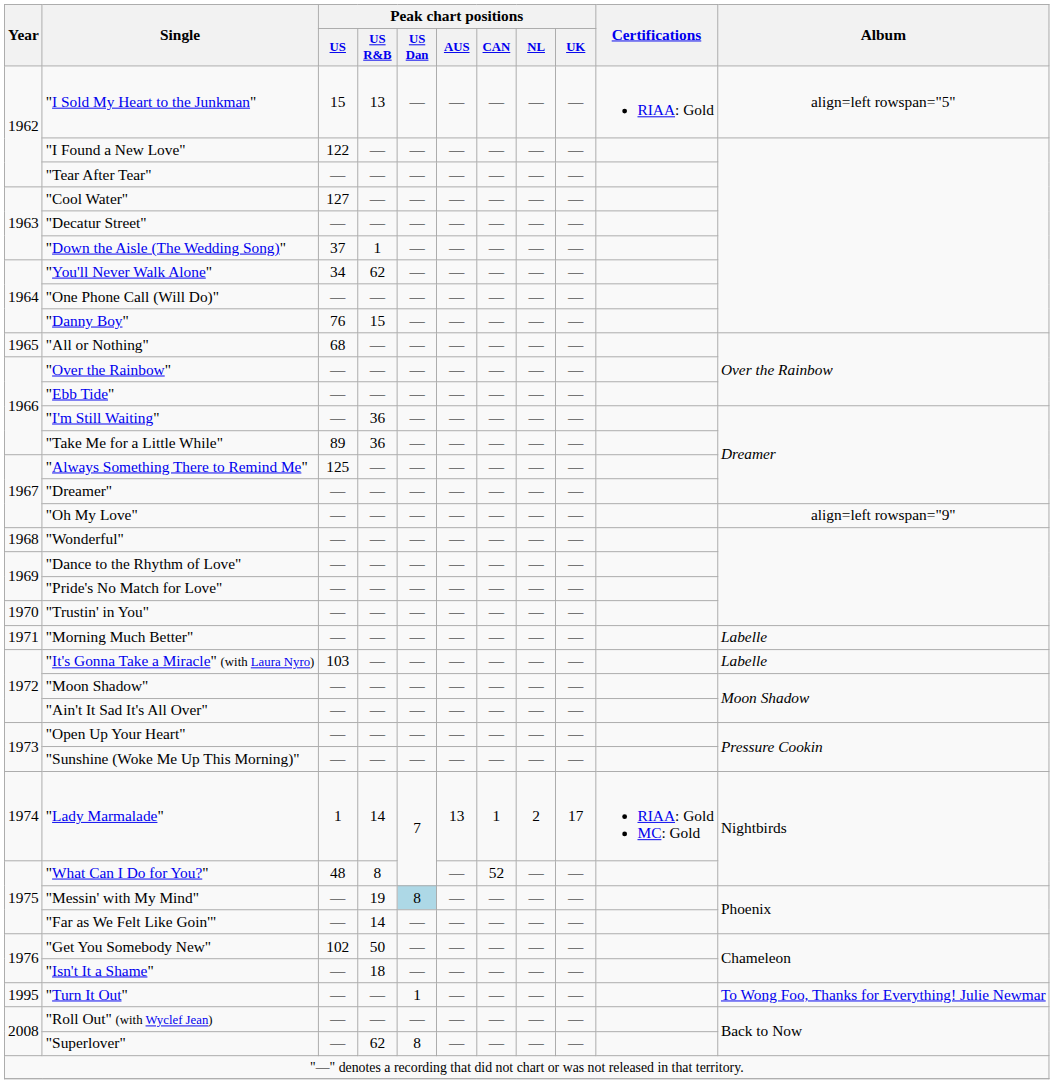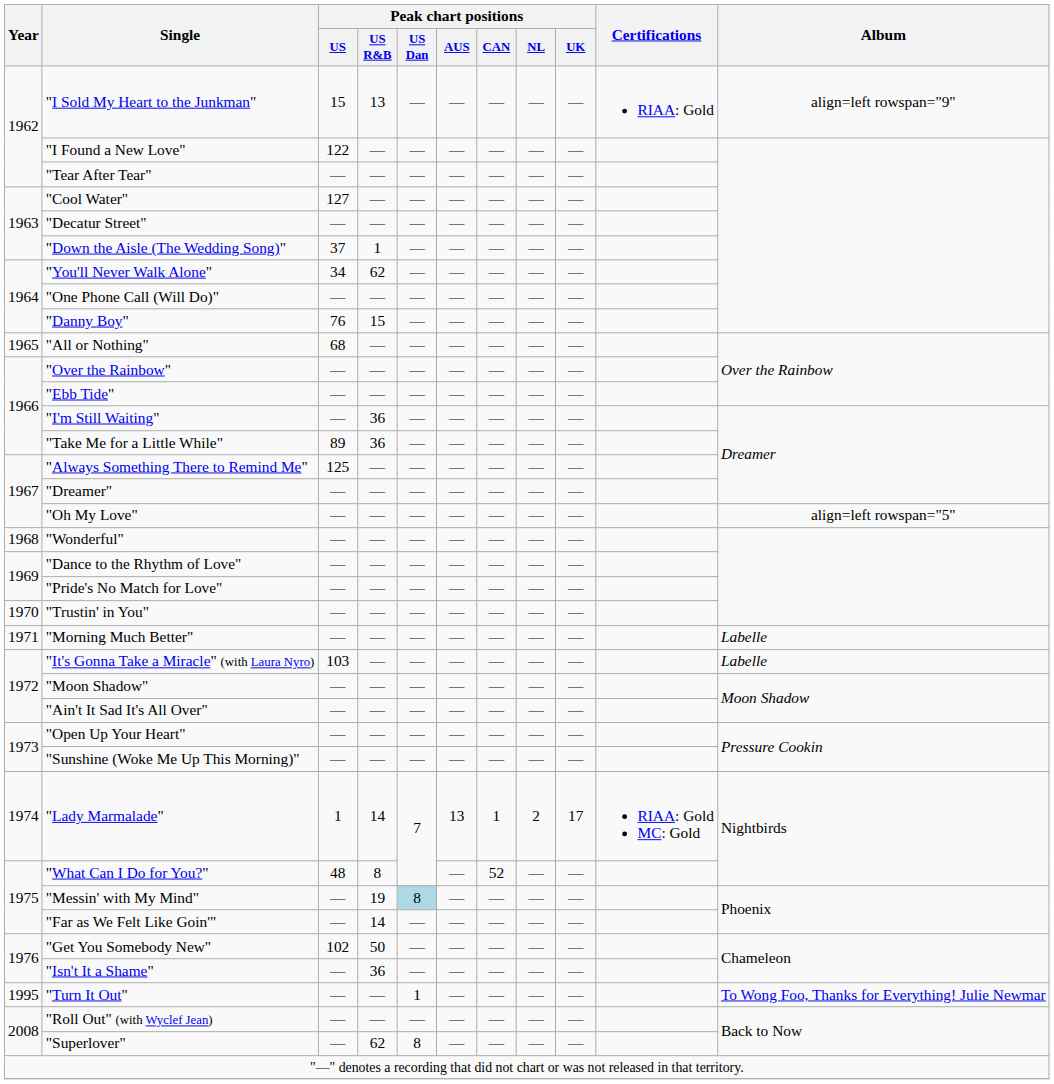 <table class="wikitable" style="text-align:center;">
 <tr>
 <th rowspan="2">Year</th>
 <th rowspan="2">Single</th>
 <th colspan="7">Peak chart positions</th>
 <th rowspan="2"><a href='#'>Certifications</a></th>
 <th rowspan="2">Album</th>
 </tr>
 <tr style="font-size:smaller;">
 <th width="35"><a href='#'>US</a><br></th>
 <th width="35"><a href='#'>US<br>R&B</a><br></th>
 <th width="35"><a href='#'>US<br>Dan</a><br></th>
 <th width="35"><a href='#'>AUS</a><br></th>
 <th width="35"><a href='#'>CAN</a><br></th>
 <th width="35"><a href='#'>NL</a><br></th>
 <th width="35"><a href='#'>UK</a><br></th>
 </tr>
 <tr>
 <td rowspan="3">1962</td>
 <td align="left">"<a href='#'>I Sold My Heart to the Junkman</a>"</td>
 <td>15</td>
 <td>13</td>
 <td>—</td>
 <td>—</td>
 <td>—</td>
 <td>—</td>
 <td>—</td>
 <td align=left><br><ul><li><a href='#'>RIAA</a>: Gold</li></ul></td>
-<td>align=left rowspan="5" </td>
+<td>align=left rowspan="9" </td>
 </tr>
 <tr>
 <td align="left">"I Found a New Love"</td>
 <td>122</td>
 <td>—</td>
 <td>—</td>
 <td>—</td>
 <td>—</td>
 <td>—</td>
 <td>—</td>
 <td align=left></td>
 </tr>
 <tr>
 <td align="left">"Tear After Tear"</td>
 <td>—</td>
 <td>—</td>
 <td>—</td>
 <td>—</td>
 <td>—</td>
 <td>—</td>
 <td>—</td>
 <td align=left></td>
 </tr>
 <tr>
 <td rowspan="3">1963</td>
 <td align="left">"Cool Water"</td>
 <td>127</td>
 <td>—</td>
 <td>—</td>
 <td>—</td>
 <td>—</td>
 <td>—</td>
 <td>—</td>
 <td align=left></td>
 </tr>
 <tr>
 <td align="left">"Decatur Street"</td>
 <td>—</td>
 <td>—</td>
 <td>—</td>
 <td>—</td>
 <td>—</td>
 <td>—</td>
 <td>—</td>
 <td align=left></td>
 </tr>
 <tr>
 <td align="left">"<a href='#'>Down the Aisle (The Wedding Song)</a>"</td>
 <td>37</td>
 <td>1</td>
 <td>—</td>
 <td>—</td>
 <td>—</td>
 <td>—</td>
 <td>—</td>
 <td align=left></td>
 </tr>
 <tr>
 <td rowspan="3">1964</td>
 <td align="left">"<a href='#'>You'll Never Walk Alone</a>"</td>
 <td>34</td>
 <td>62</td>
 <td>—</td>
 <td>—</td>
 <td>—</td>
 <td>—</td>
 <td>—</td>
 <td align=left></td>
 </tr>
 <tr>
 <td align="left">"One Phone Call (Will Do)"</td>
 <td>—</td>
 <td>—</td>
 <td>—</td>
 <td>—</td>
 <td>—</td>
 <td>—</td>
 <td>—</td>
 <td align=left></td>
 </tr>
 <tr>
 <td align="left">"<a href='#'>Danny Boy</a>"</td>
 <td>76</td>
 <td>15</td>
 <td>—</td>
 <td>—</td>
 <td>—</td>
 <td>—</td>
 <td>—</td>
 <td align=left></td>
 </tr>
 <tr>
 <td rowspan="1">1965</td>
 <td align="left">"All or Nothing"</td>
 <td>68</td>
 <td>—</td>
 <td>—</td>
 <td>—</td>
 <td>—</td>
 <td>—</td>
 <td>—</td>
 <td align=left></td>
 <td align=left rowspan="3"><em>Over the Rainbow</em></td>
 </tr>
 <tr>
 <td rowspan="4">1966</td>
 <td align="left">"<a href='#'>Over the Rainbow</a>"</td>
 <td>—</td>
 <td>—</td>
 <td>—</td>
 <td>—</td>
 <td>—</td>
 <td>—</td>
 <td>—</td>
 <td align=left></td>
 </tr>
 <tr>
 <td align="left">"<a href='#'>Ebb Tide</a>"</td>
 <td>—</td>
 <td>—</td>
 <td>—</td>
 <td>—</td>
 <td>—</td>
 <td>—</td>
 <td>—</td>
 <td align=left></td>
 </tr>
 <tr>
 <td align="left">"<a href='#'>I'm Still Waiting</a>"</td>
 <td>—</td>
 <td>36</td>
 <td>—</td>
 <td>—</td>
 <td>—</td>
 <td>—</td>
 <td>—</td>
 <td align=left></td>
 <td align=left rowspan="4"><em>Dreamer</em></td>
 </tr>
 <tr>
 <td align="left">"Take Me for a Little While"</td>
 <td>89</td>
 <td>36</td>
 <td>—</td>
 <td>—</td>
 <td>—</td>
 <td>—</td>
 <td>—</td>
 <td align=left></td>
 </tr>
 <tr>
 <td rowspan="3">1967</td>
 <td align="left">"<a href='#'>Always Something There to Remind Me</a>"</td>
 <td>125</td>
 <td>—</td>
 <td>—</td>
 <td>—</td>
 <td>—</td>
 <td>—</td>
 <td>—</td>
 <td align=left></td>
 </tr>
 <tr>
 <td align="left">"Dreamer"</td>
 <td>—</td>
 <td>—</td>
 <td>—</td>
 <td>—</td>
 <td>—</td>
 <td>—</td>
 <td>—</td>
 <td align=left></td>
 </tr>
 <tr>
 <td align="left">"Oh My Love"</td>
 <td>—</td>
 <td>—</td>
 <td>—</td>
 <td>—</td>
 <td>—</td>
 <td>—</td>
 <td>—</td>
 <td align=left></td>
-<td>align=left rowspan="9" </td>
+<td>align=left rowspan="5" </td>
 </tr>
 <tr>
 <td rowspan="1">1968</td>
 <td align="left">"Wonderful"</td>
 <td>—</td>
 <td>—</td>
 <td>—</td>
 <td>—</td>
 <td>—</td>
 <td>—</td>
 <td>—</td>
 <td align=left></td>
 </tr>
 <tr>
 <td rowspan="2">1969</td>
 <td align="left">"Dance to the Rhythm of Love"</td>
 <td>—</td>
 <td>—</td>
 <td>—</td>
 <td>—</td>
 <td>—</td>
 <td>—</td>
 <td>—</td>
 <td align=left></td>
 </tr>
 <tr>
 <td align="left">"Pride's No Match for Love"</td>
 <td>—</td>
 <td>—</td>
 <td>—</td>
 <td>—</td>
 <td>—</td>
 <td>—</td>
 <td>—</td>
 <td align=left></td>
 </tr>
 <tr>
 <td rowspan="1">1970</td>
 <td align="left">"Trustin' in You"</td>
 <td>—</td>
 <td>—</td>
 <td>—</td>
 <td>—</td>
 <td>—</td>
 <td>—</td>
 <td>—</td>
 <td align=left></td>
 </tr>
 <tr>
 <td rowspan="1">1971</td>
 <td align="left">"Morning Much Better"</td>
 <td>—</td>
 <td>—</td>
 <td>—</td>
 <td>—</td>
 <td>—</td>
 <td>—</td>
 <td>—</td>
 <td align=left></td>
 <td align=left rowspan="1"><em>Labelle</em></td>
 </tr>
 <tr>
 <td rowspan="3">1972</td>
 <td align="left">"<a href='#'>It's Gonna Take a Miracle</a>" <small>(with <a href='#'>Laura Nyro</a>)</small></td>
 <td>103</td>
 <td>—</td>
 <td>—</td>
 <td>—</td>
 <td>—</td>
 <td>—</td>
 <td>—</td>
 <td align=left></td>
 <td align=left rowspan="1"><em>Labelle</em></td>
 </tr>
 <tr>
 <td align="left">"Moon Shadow"</td>
 <td>—</td>
 <td>—</td>
 <td>—</td>
 <td>—</td>
 <td>—</td>
 <td>—</td>
 <td>—</td>
 <td align=left></td>
 <td align=left rowspan="2"><em>Moon Shadow</em></td>
 </tr>
 <tr>
 <td align="left">"Ain't It Sad It's All Over"</td>
 <td>—</td>
 <td>—</td>
 <td>—</td>
 <td>—</td>
 <td>—</td>
 <td>—</td>
 <td>—</td>
 <td align=left></td>
 </tr>
 <tr>
 <td rowspan="2">1973</td>
 <td align="left">"Open Up Your Heart"</td>
 <td>—</td>
 <td>—</td>
 <td>—</td>
 <td>—</td>
 <td>—</td>
 <td>—</td>
 <td>—</td>
 <td align=left></td>
 <td align=left rowspan="2"><em>Pressure Cookin<strong></td>
 </tr>
 <tr>
 <td align="left">"Sunshine (Woke Me Up This Morning)"</td>
 <td>—</td>
 <td>—</td>
 <td>—</td>
 <td>—</td>
 <td>—</td>
 <td>—</td>
 <td>—</td>
 <td align=left></td>
 </tr>
 <tr>
 <td rowspan="1">1974</td>
 <td align="left">"<a href='#'>Lady Marmalade</a>"</td>
 <td>1</td>
 <td>14</td>
 <td rowspan="2">7</td>
 <td>13</td>
 <td>1</td>
 <td>2</td>
 <td>17</td>
 <td align=left><br><ul><li><a href='#'>RIAA</a>: Gold</li><li><a href='#'>MC</a>: Gold</li></ul></td>
 <td align=left rowspan="2"></em>Nightbirds<em></td>
 </tr>
 <tr>
 <td rowspan="3">1975</td>
 <td align="left">"<a href='#'>What Can I Do for You?</a>"</td>
 <td>48</td>
 <td>8</td>
 <td>—</td>
 <td>52</td>
 <td>—</td>
 <td>—</td>
 <td align=left></td>
 </tr>
 <tr>
 <td align="left">"Messin' with My Mind"</td>
 <td>—</td>
 <td>19</td>
 <td style="background: lightblue;">8</td>
 <td>—</td>
 <td>—</td>
 <td>—</td>
 <td>—</td>
 <td align=left></td>
 <td align=left rowspan="2"></em>Phoenix<em></td>
 </tr>
 <tr>
 <td align="left">"Far as We Felt Like Goin'"</td>
 <td>—</td>
 <td>14</td>
 <td>—</td>
 <td>—</td>
 <td>—</td>
 <td>—</td>
 <td>—</td>
 <td align=left></td>
 </tr>
 <tr>
 <td rowspan="2">1976</td>
 <td align="left">"Get You Somebody New"</td>
 <td>102</td>
 <td>50</td>
 <td>—</td>
 <td>—</td>
 <td>—</td>
 <td>—</td>
 <td>—</td>
 <td align=left></td>
 <td align=left rowspan="2"></em>Chameleon<em></td>
 </tr>
 <tr>
 <td align="left">"<a href='#'>Isn't It a Shame</a>"</td>
 <td>—</td>
-<td>18</td>
+<td>36</td>
 <td>—</td>
 <td>—</td>
 <td>—</td>
 <td>—</td>
 <td>—</td>
 <td align=left></td>
 </tr>
 <tr>
 <td rowspan="1">1995</td>
 <td align="left">"<a href='#'>Turn It Out</a>"</td>
 <td>—</td>
 <td>—</td>
 <td>1</td>
 <td>—</td>
 <td>—</td>
 <td>—</td>
 <td>—</td>
 <td align=left></td>
 <td align=left rowspan="1"></em><a href='#'>To Wong Foo, Thanks for Everything! Julie Newmar</a><em></td>
 </tr>
 <tr>
 <td rowspan="2">2008</td>
 <td align="left">"Roll Out" <small>(with <a href='#'>Wyclef Jean</a>)</small></td>
 <td>—</td>
 <td>—</td>
 <td>—</td>
 <td>—</td>
 <td>—</td>
 <td>—</td>
 <td>—</td>
 <td align=left></td>
 <td align=left rowspan="2"></em>Back to Now<em></td>
 </tr>
 <tr>
 <td align="left">"Superlover"</td>
 <td>—</td>
 <td>62</td>
 <td>8</td>
 <td>—</td>
 <td>—</td>
 <td>—</td>
 <td>—</td>
 <td align=left></td>
 </tr>
 <tr>
 <td colspan="15" style="font-size:90%">"—" denotes a recording that did not chart or was not released in that territory.</td>
 </tr>
 <tr>
 </tr>
 </table>
